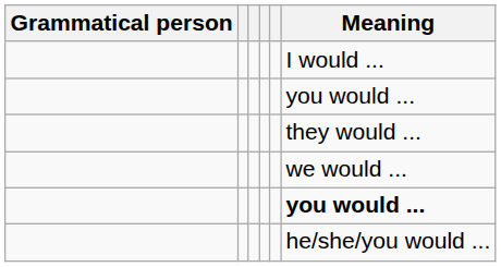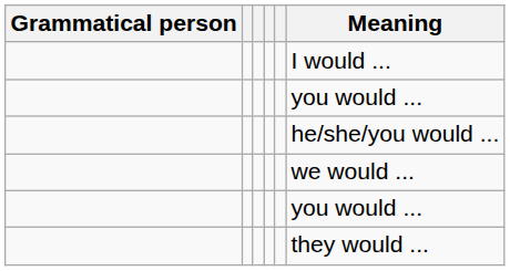 <table class="wikitable">
 <tr>
 <th>Grammatical person</th>
 <th><br></th>
 <th><br></th>
 <th><br></th>
 <th><br></th>
 <th>Meaning</th>
 </tr>
 <tr>
 <td></td>
 <td></td>
 <td></td>
 <td></td>
 <td></td>
 <td>I would ...</td>
 </tr>
 <tr>
 <td></td>
 <td></td>
 <td></td>
 <td></td>
 <td></td>
 <td>you would ...</td>
 </tr>
 <tr>
 <td></td>
 <td></td>
 <td></td>
 <td></td>
 <td></td>
-<td>they would ...</td>
+<td>he/she/you would ...</td>
 </tr>
 <tr>
 <td></td>
 <td></td>
 <td></td>
 <td></td>
 <td></td>
 <td>we would ...</td>
 </tr>
 <tr>
 <td></td>
 <td></td>
 <td></td>
 <td></td>
 <td></td>
-<td><strong>you would ...</strong></td>
+<td>you would ...</td>
 </tr>
 <tr>
 <td></td>
 <td></td>
 <td></td>
 <td></td>
 <td></td>
-<td>he/she/you would ...</td>
+<td>they would ...</td>
 </tr>
 </table>
